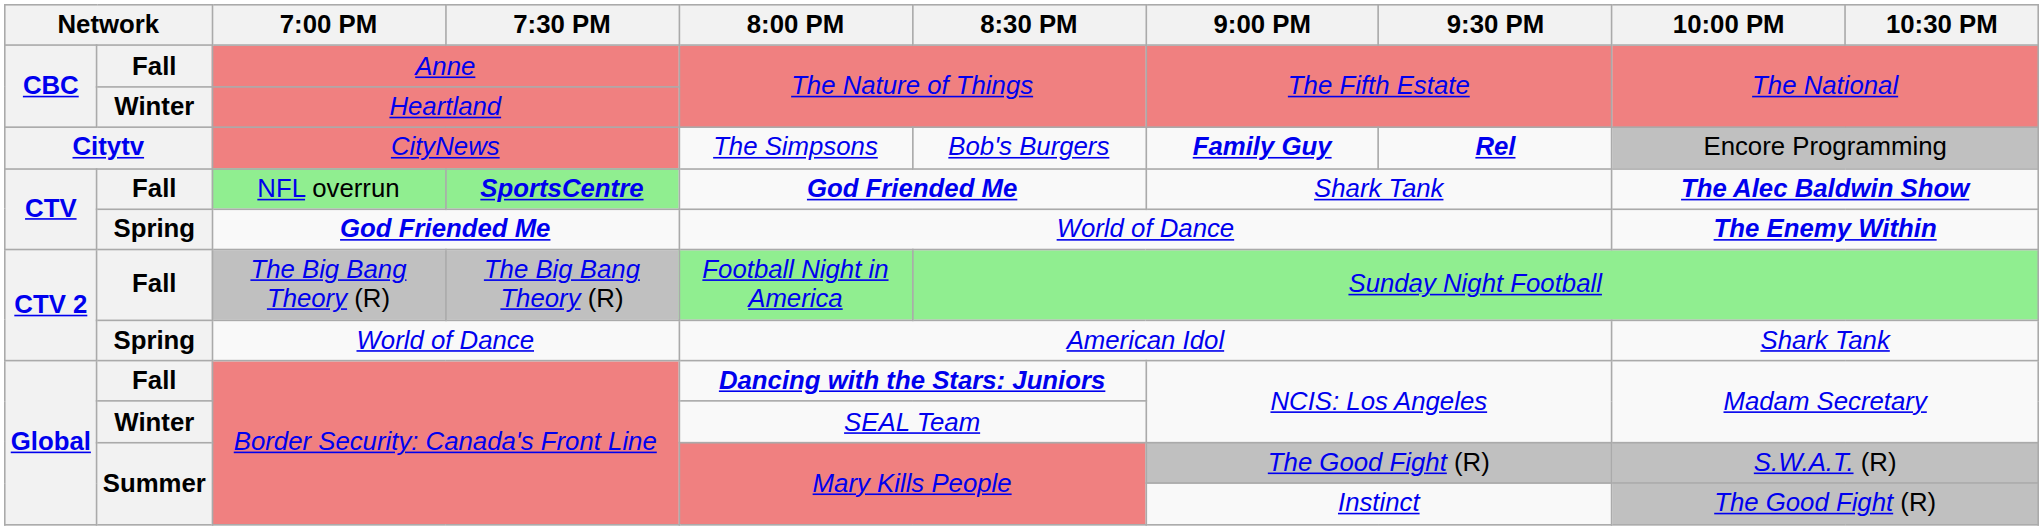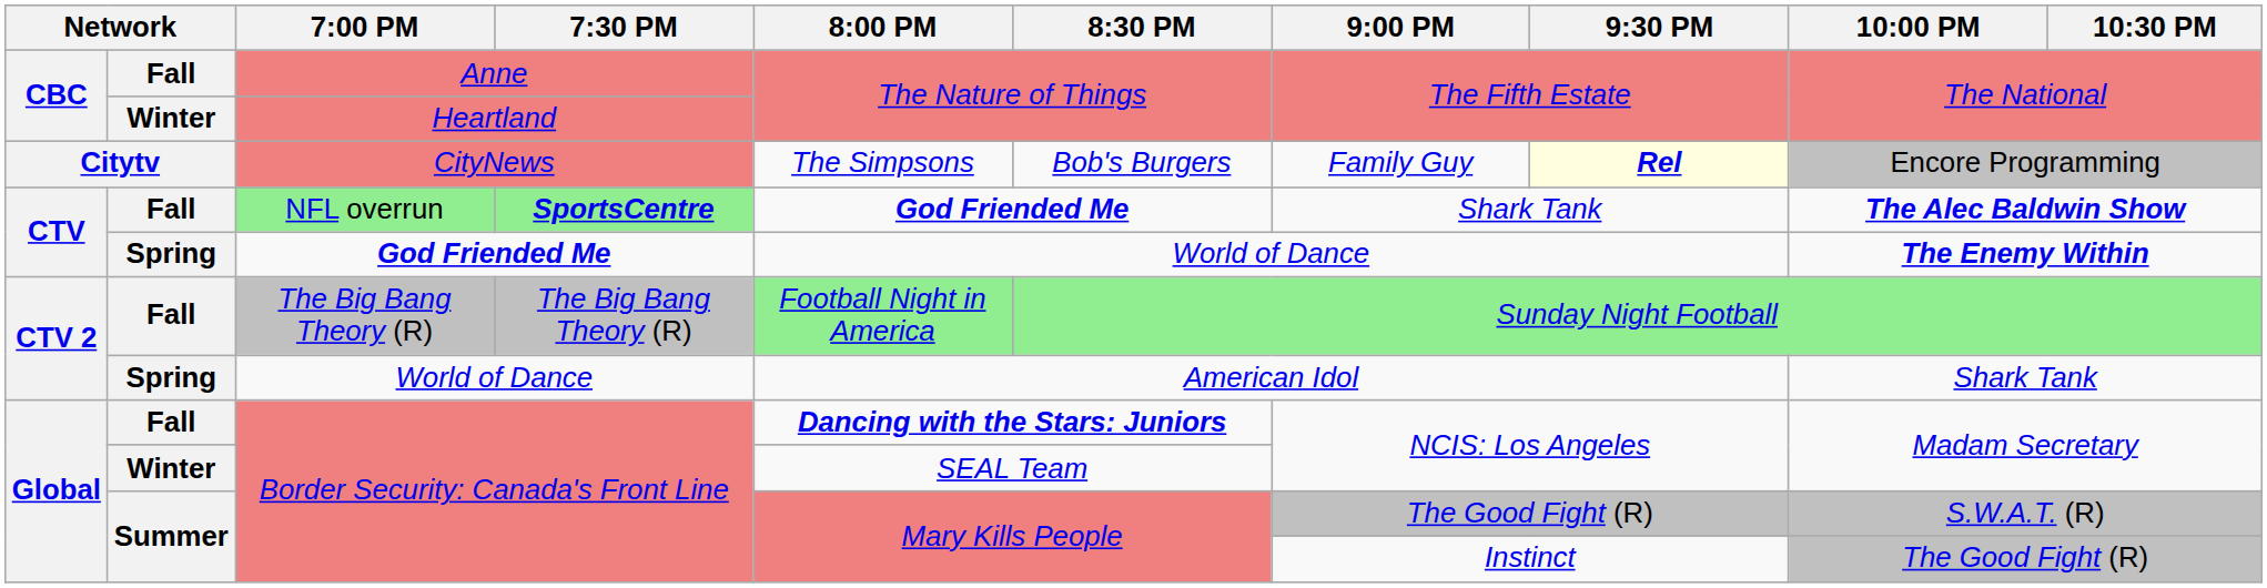 <table class="wikitable" style="width:100%;margin-right:0;text-align:center">
 <tr>
 <th colspan="2" style="width:10%;">Network</th>
 <th style="width:11.5%;">7:00 PM</th>
 <th style="width:11.5%;">7:30 PM</th>
 <th style="width:11.5%;">8:00 PM</th>
 <th style="width:11.5%;">8:30 PM</th>
 <th style="width:11.5%;">9:00 PM</th>
 <th style="width:11.5%;">9:30 PM</th>
 <th style="width:11.5%;">10:00 PM</th>
 <th style="width:11.5%;">10:30 PM</th>
 </tr>
 <tr>
 <th rowspan="2"><a href='#'>CBC</a></th>
 <th>Fall</th>
 <td colspan="2" style="background:#f08080;"><em><a href='#'>Anne</a></em></td>
 <td colspan="2" rowspan="2" style="background:#f08080;"><em><a href='#'>The Nature of Things</a></em></td>
 <td colspan="2" rowspan="2" style="background:#f08080;"><em><a href='#'>The Fifth Estate</a></em></td>
 <td colspan="2" rowspan="2" style="background:#f08080;"><em><a href='#'>The National</a></em></td>
 </tr>
 <tr>
 <th>Winter</th>
 <td colspan="2" style="background:#f08080;"><em><a href='#'>Heartland</a></em></td>
 </tr>
 <tr>
 <th colspan="2"><a href='#'>Citytv</a></th>
 <td colspan="2" style="background:#f08080;"><span><em><a href='#'>CityNews</a></em></span></td>
 <td><em><a href='#'>The Simpsons</a></em></td>
 <td><em><a href='#'>Bob's Burgers</a></em></td>
-<td><strong><em><a href='#'>Family Guy</a></em></strong></td>
-<td><strong><em><a href='#'>Rel</a></em></strong></td>
+<td><em><a href='#'>Family Guy</a></em></td>
+<td style="background: lightyellow;"><strong><em><a href='#'>Rel</a></em></strong></td>
 <td colspan="2" style="background:silver;">Encore Programming</td>
 </tr>
 <tr>
 <th rowspan="2"><a href='#'>CTV</a></th>
 <th>Fall</th>
 <td style="background:lightgreen;"><a href='#'>NFL</a> overrun </td>
 <td style="background:lightgreen;"><strong><em><a href='#'>SportsCentre</a></em></strong></td>
 <td colspan="2"><strong><em><a href='#'>God Friended Me</a></em></strong></td>
 <td colspan="2"><em><a href='#'>Shark Tank</a></em></td>
 <td colspan="2"><strong><em><a href='#'>The Alec Baldwin Show</a></em></strong></td>
 </tr>
 <tr>
 <th>Spring</th>
 <td colspan="2"><strong><em><a href='#'>God Friended Me</a></em></strong></td>
 <td colspan="4"><em><a href='#'>World of Dance</a></em></td>
 <td colspan="2"><strong><em><a href='#'>The Enemy Within</a></em></strong></td>
 </tr>
 <tr>
 <th rowspan="2"><a href='#'>CTV 2</a></th>
 <th>Fall</th>
 <td style="background:silver;"><em><a href='#'>The Big Bang Theory</a></em> (R)</td>
 <td style="background:silver;"><em><a href='#'>The Big Bang Theory</a></em> (R)</td>
 <td style="background:lightgreen"><em><a href='#'>Football Night in America</a></em> </td>
 <td colspan="7" style="background:lightgreen"><em><a href='#'>Sunday Night Football</a></em> </td>
 </tr>
 <tr>
 <th>Spring</th>
 <td colspan="2"><em><a href='#'>World of Dance</a></em></td>
 <td colspan="4"><em><a href='#'>American Idol</a></em></td>
 <td colspan="2"><em><a href='#'>Shark Tank</a></em></td>
 </tr>
 <tr>
 <th rowspan=4><a href='#'>Global</a></th>
 <th>Fall</th>
 <td colspan=2 rowspan=4 style=background:#f08080><em><a href='#'>Border Security: Canada's Front Line</a></em></td>
 <td colspan=2><strong><em><a href='#'>Dancing with the Stars: Juniors</a></em></strong></td>
 <td colspan=2 rowspan=2><em><a href='#'>NCIS: Los Angeles</a></em></td>
 <td colspan=2 rowspan=2><em><a href='#'>Madam Secretary</a></em></td>
 </tr>
 <tr>
 <th>Winter</th>
 <td colspan=2><em><a href='#'>SEAL Team</a></em></td>
 </tr>
 <tr>
 <th bgcolor=#FFFF66 rowspan=2>Summer</th>
 <td colspan=2 style=background:#f08080 rowspan=2><em><a href='#'>Mary Kills People</a></em></td>
 <td style=background:silver colspan=2><em><a href='#'>The Good Fight</a></em> (R)</td>
 <td style=background:silver colspan=2><em><a href='#'>S.W.A.T.</a></em> (R)</td>
 </tr>
 <tr>
 <td colspan=2><em><a href='#'>Instinct</a></em></td>
 <td style=background:silver colspan=2><em><a href='#'>The Good Fight</a></em> (R)</td>
 </tr>
 </table>
